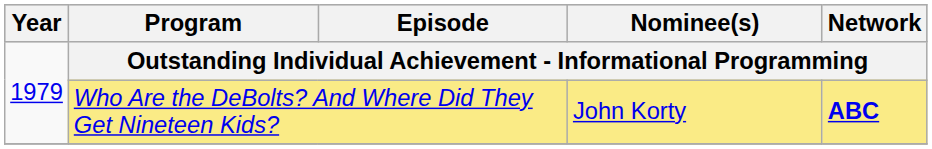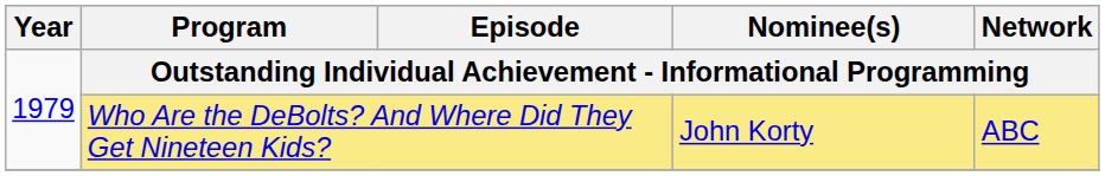 <table class="wikitable" style="width:100%">
 <tr style="background:#bebebe;">
 <th width="5%">Year</th>
 <th width="30%">Program</th>
 <th width="30%">Episode</th>
 <th width="30%">Nominee(s)</th>
 <th width="5%">Network</th>
 </tr>
 <tr>
 <td rowspan=2 style="text-align:center"><a href='#'>1979</a></td>
 <th colspan="4">Outstanding Individual Achievement - Informational Programming</th>
 </tr>
 <tr style="background:#FAEB86;">
 <td colspan=2><em><a href='#'>Who Are the DeBolts? And Where Did They Get Nineteen Kids?</a></em></td>
 <td><a href='#'>John Korty</a></td>
-<td><strong><a href='#'>ABC</a></strong></td>
+<td><a href='#'>ABC</a></td>
 </tr>
 <tr>
 </tr>
 </table>
